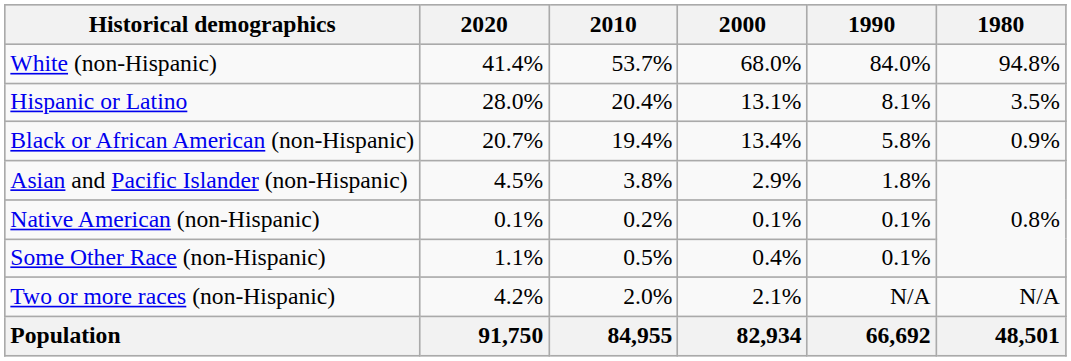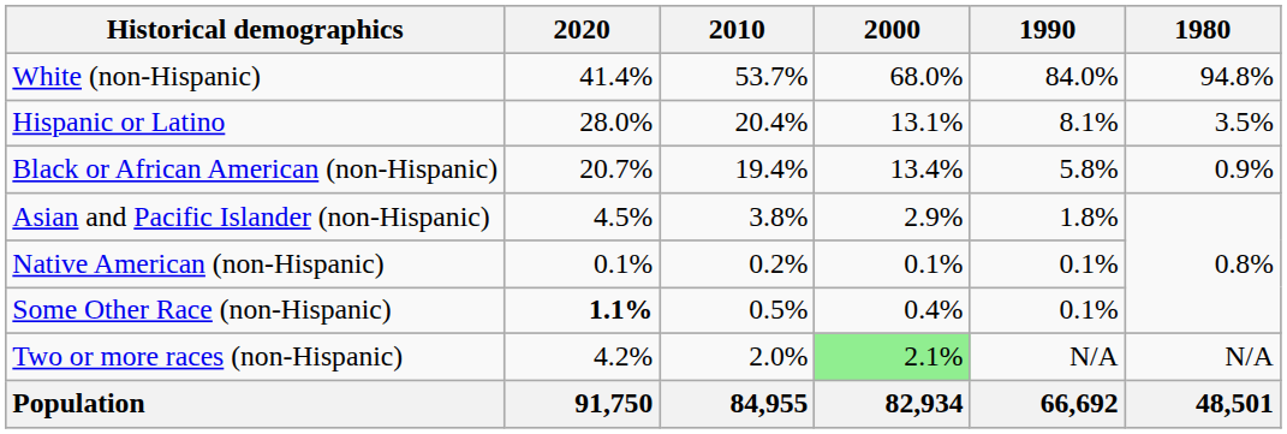 <table class="wikitable  sortable collapsible mw-collapsed" style="font-size: 90%; text-align: right;">
 <tr>
 <th>Historical demographics</th>
 <th style="width: 5em;">2020</th>
 <th style="width: 5em;">2010</th>
 <th style="width: 5em;">2000</th>
 <th style="width: 5em;">1990</th>
 <th style="width: 5em;">1980</th>
 </tr>
 <tr>
 <td style="text-align:left"><a href='#'>White</a> (non-Hispanic)</td>
 <td>41.4%</td>
 <td>53.7%</td>
 <td>68.0%</td>
 <td>84.0%</td>
 <td>94.8%</td>
 </tr>
 <tr>
 <td style="text-align:left"><a href='#'>Hispanic or Latino</a></td>
 <td>28.0%</td>
 <td>20.4%</td>
 <td>13.1%</td>
 <td>8.1%</td>
 <td>3.5%</td>
 </tr>
 <tr>
 <td style="text-align:left"><a href='#'>Black or African American</a> (non-Hispanic)</td>
 <td>20.7%</td>
 <td>19.4%</td>
 <td>13.4%</td>
 <td>5.8%</td>
 <td>0.9%</td>
 </tr>
 <tr>
 <td style="text-align:left"><a href='#'>Asian</a> and <a href='#'>Pacific Islander</a> (non-Hispanic)</td>
 <td>4.5%</td>
 <td>3.8%</td>
 <td>2.9%</td>
 <td>1.8%</td>
 <td rowspan="3">0.8%</td>
 </tr>
 <tr>
 <td style="text-align:left"><a href='#'>Native American</a> (non-Hispanic)</td>
 <td>0.1%</td>
 <td>0.2%</td>
 <td>0.1%</td>
 <td>0.1%</td>
 </tr>
 <tr>
 <td style="text-align:left"><a href='#'>Some Other Race</a> (non-Hispanic)</td>
-<td>1.1%</td>
+<td><strong>1.1%</strong></td>
 <td>0.5%</td>
 <td>0.4%</td>
 <td>0.1%</td>
 </tr>
 <tr>
 <td style="text-align:left"><a href='#'>Two or more races</a> (non-Hispanic)</td>
 <td>4.2%</td>
 <td>2.0%</td>
-<td>2.1%</td>
+<td style="background: lightgreen;">2.1%</td>
 <td>N/A</td>
 <td>N/A</td>
 </tr>
 <tr>
 <th style="text-align:left">Population</th>
 <th style="text-align:right">91,750</th>
 <th style="text-align:right">84,955</th>
 <th style="text-align:right">82,934</th>
 <th style="text-align:right">66,692</th>
 <th style="text-align:right">48,501</th>
 </tr>
 </table>
